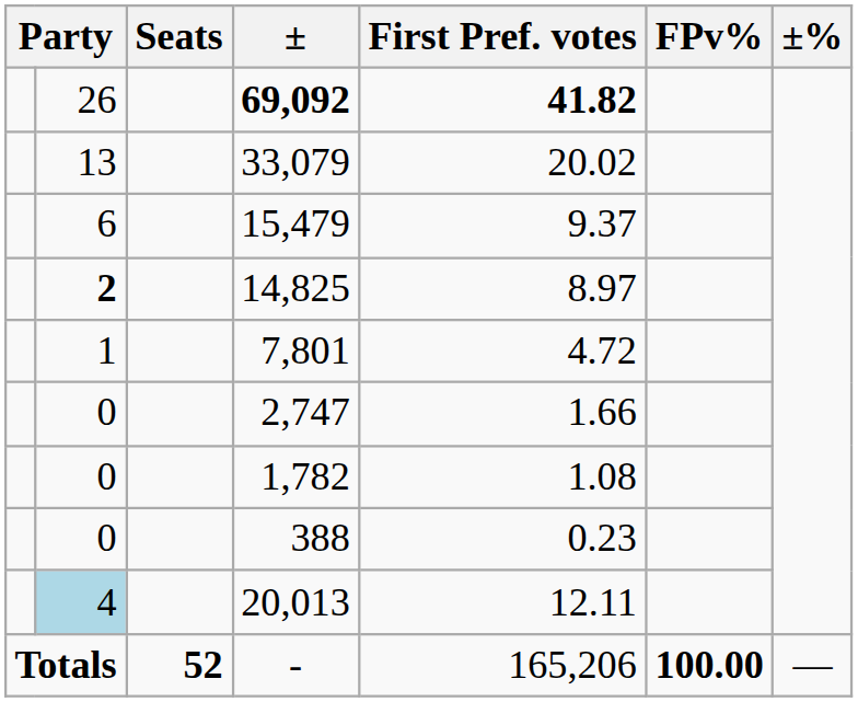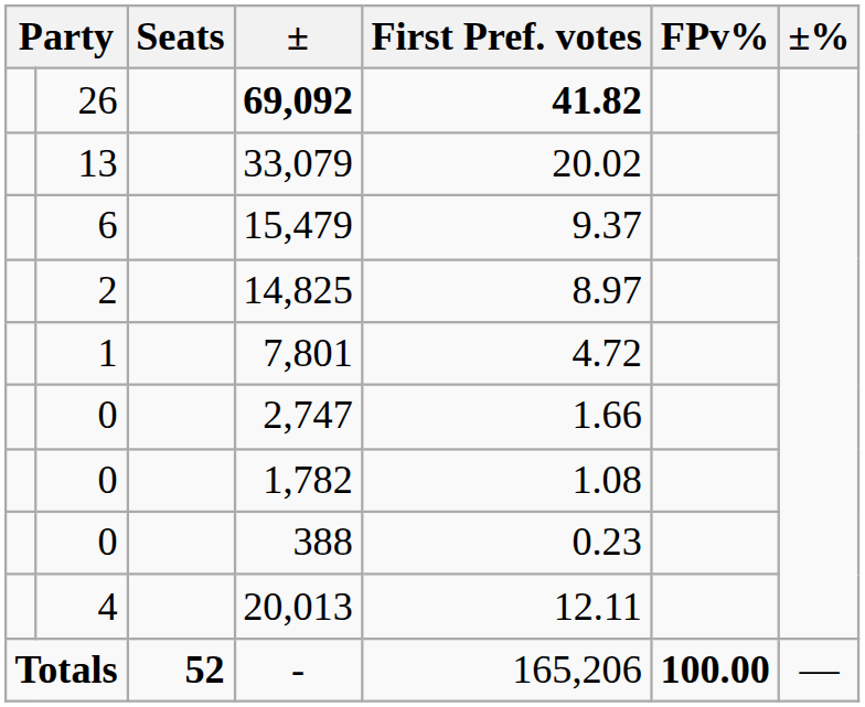 <table class=wikitable>
 <tr>
 <th colspan=2 align=center>Party</th>
 <th valign=top>Seats</th>
 <th valign=top>±</th>
 <th valign=top>First Pref. votes</th>
 <th valign=top>FPv%</th>
 <th valign=top>±%</th>
 </tr>
 <tr>
 <td></td>
 <td align=right>26</td>
 <td align=right></td>
 <td align=right><strong>69,092</strong></td>
 <td align=right><strong>41.82</strong></td>
 <td align=right></td>
 </tr>
 <tr>
 <td></td>
 <td align=right>13</td>
 <td align=right></td>
 <td align=right>33,079</td>
 <td align=right>20.02</td>
 <td align=right></td>
 </tr>
 <tr>
 <td></td>
 <td align=right>6</td>
 <td align=right></td>
 <td align=right>15,479</td>
 <td align=right>9.37</td>
 <td align=right></td>
 </tr>
 <tr>
 <td></td>
-<td align=right><strong>2</strong></td>
+<td align=right>2</td>
 <td align=right></td>
 <td align=right>14,825</td>
 <td align=right>8.97</td>
 <td align=right></td>
 </tr>
 <tr>
 <td></td>
 <td align=right>1</td>
 <td align=right></td>
 <td align=right>7,801</td>
 <td align=right>4.72</td>
 <td align=right></td>
 </tr>
 <tr>
 <td></td>
 <td align=right>0</td>
 <td align=right></td>
 <td align=right>2,747</td>
 <td align=right>1.66</td>
 <td align=right></td>
 </tr>
 <tr>
 <td></td>
 <td align=right>0</td>
 <td align=right></td>
 <td align=right>1,782</td>
 <td align=right>1.08</td>
 <td align=right></td>
 </tr>
 <tr>
 <td></td>
 <td align=right>0</td>
 <td align=right></td>
 <td align=right>388</td>
 <td align=right>0.23</td>
 <td align=right></td>
 </tr>
 <tr>
 <td></td>
-<td align=right style="background: lightblue;">4</td>
+<td align=right>4</td>
 <td align=right></td>
 <td align=right>20,013</td>
 <td align=right>12.11</td>
 <td align=right></td>
 </tr>
 <tr>
 <td colspan=2 align=center><strong>Totals</strong></td>
 <td align=right><strong>52</strong></td>
 <td align=center>-</td>
 <td align=right>165,206</td>
 <td align=center><strong>100.00</strong></td>
 <td align=center>—</td>
 </tr>
 </table>
